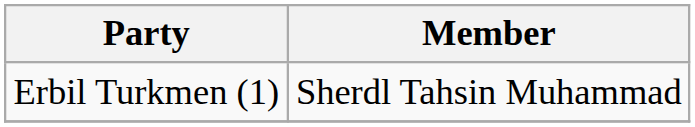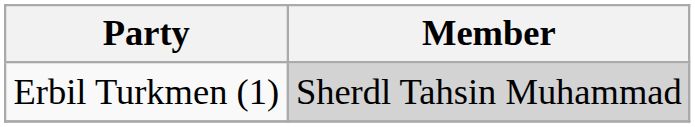 <table class=wikitable>
 <tr>
 <th>Party</th>
 <th>Member</th>
 </tr>
 <tr>
 <td rowspan=1>Erbil Turkmen (1)</td>
-<td>Sherdl Tahsin Muhammad</td>
+<td style="background: lightgrey;">Sherdl Tahsin Muhammad</td>
 </tr>
 <tr>
 </tr>
 </table>
